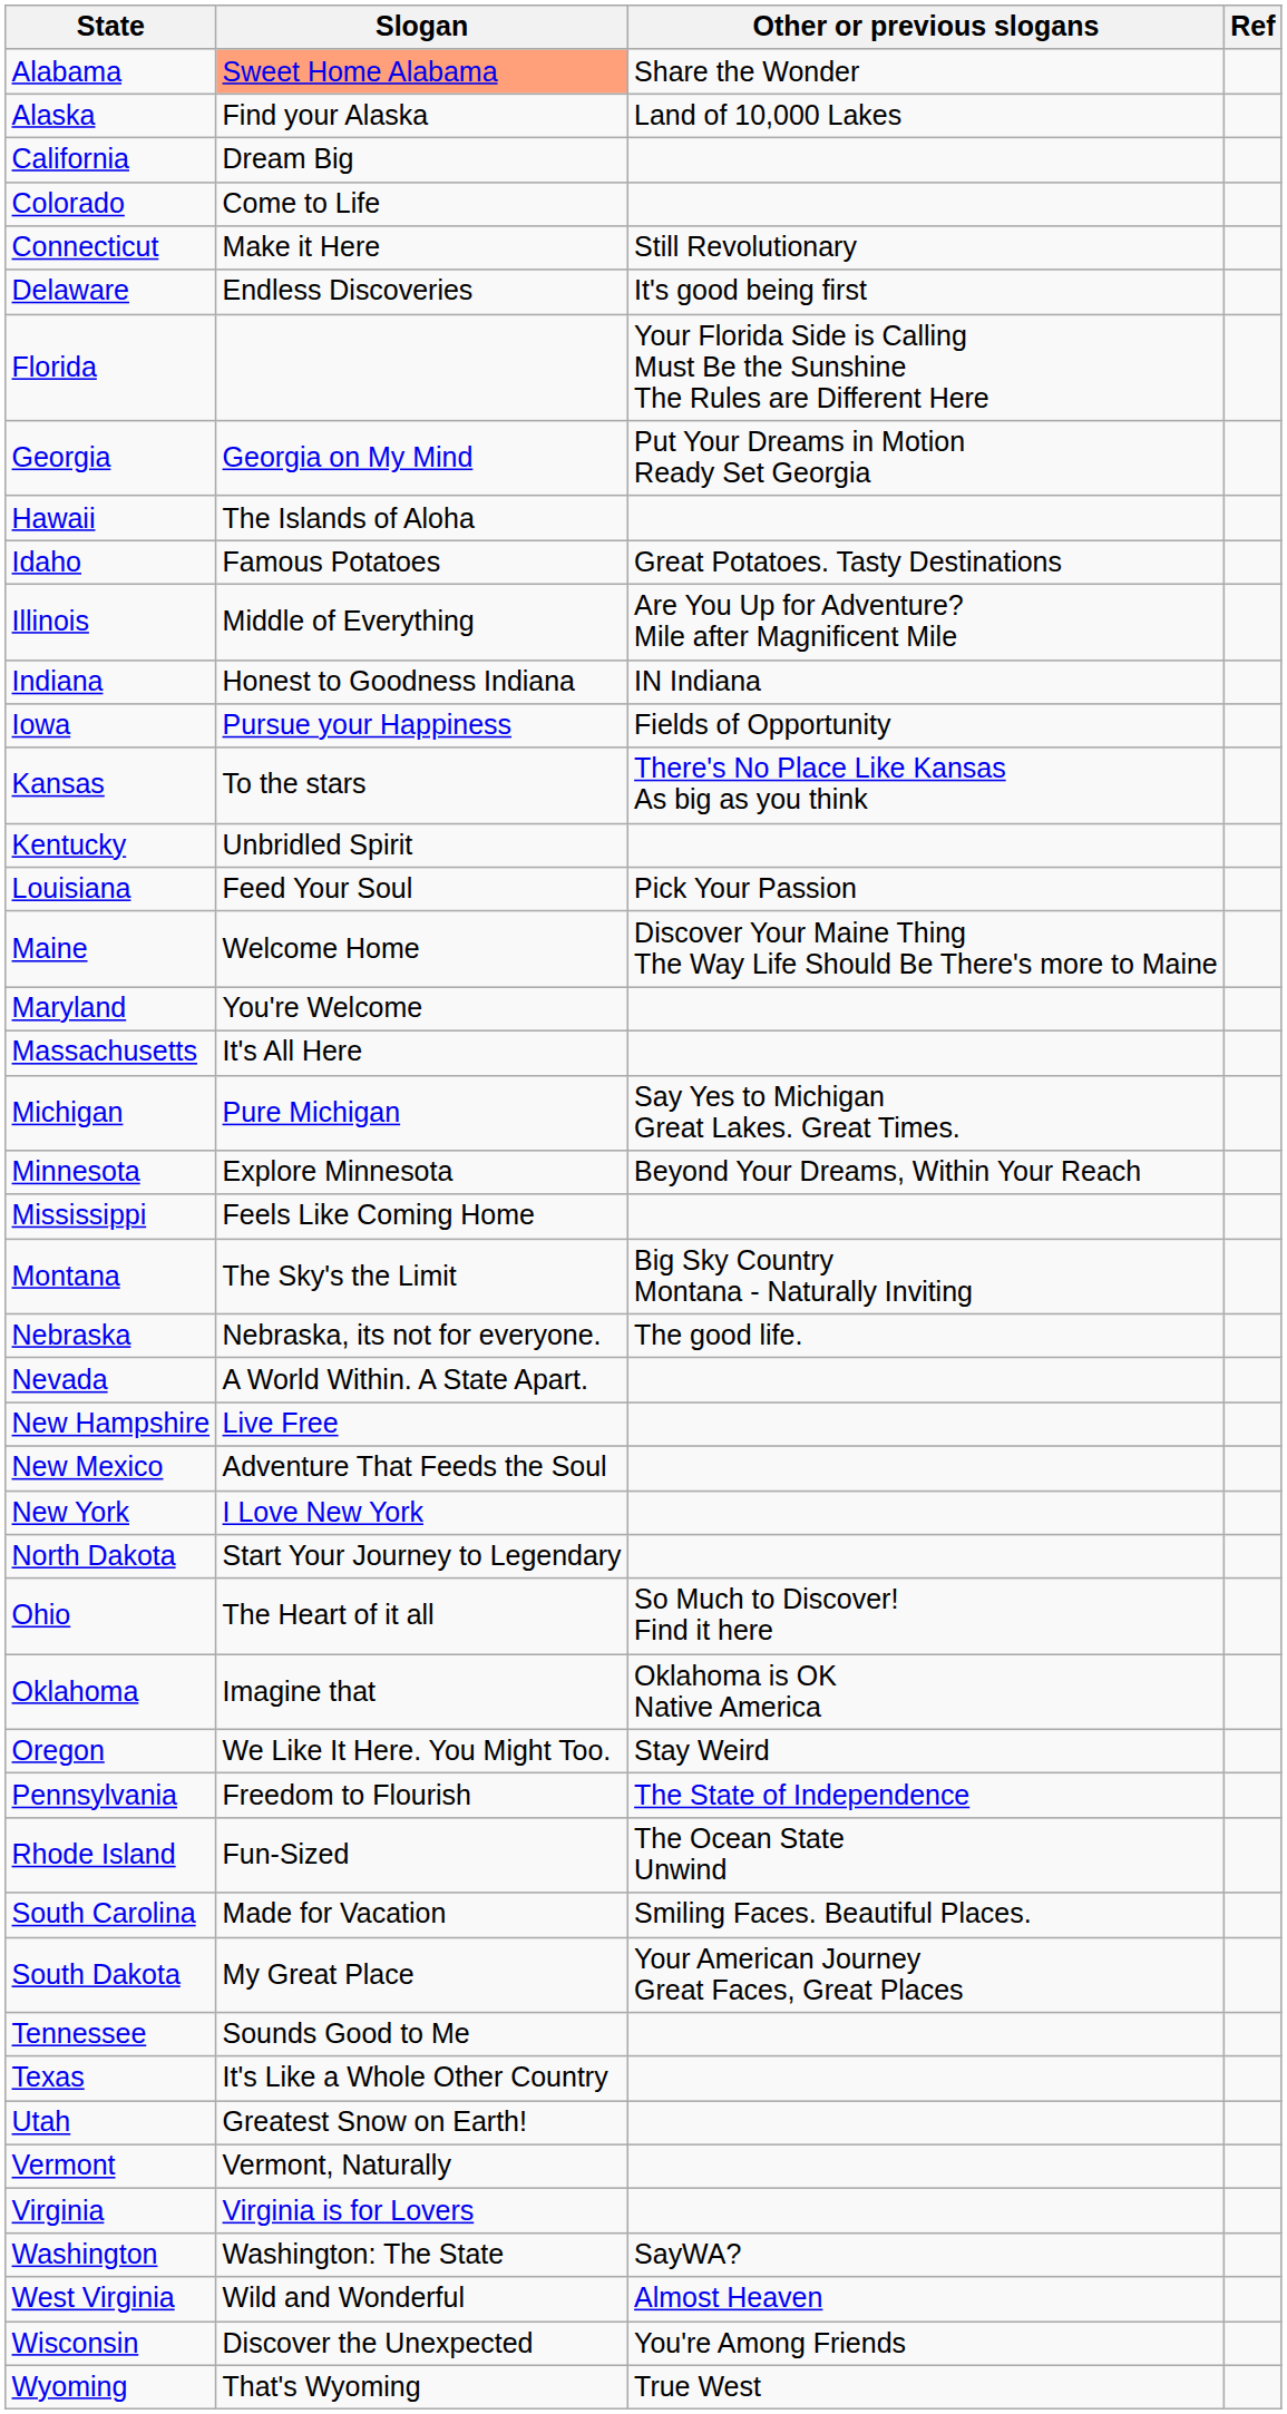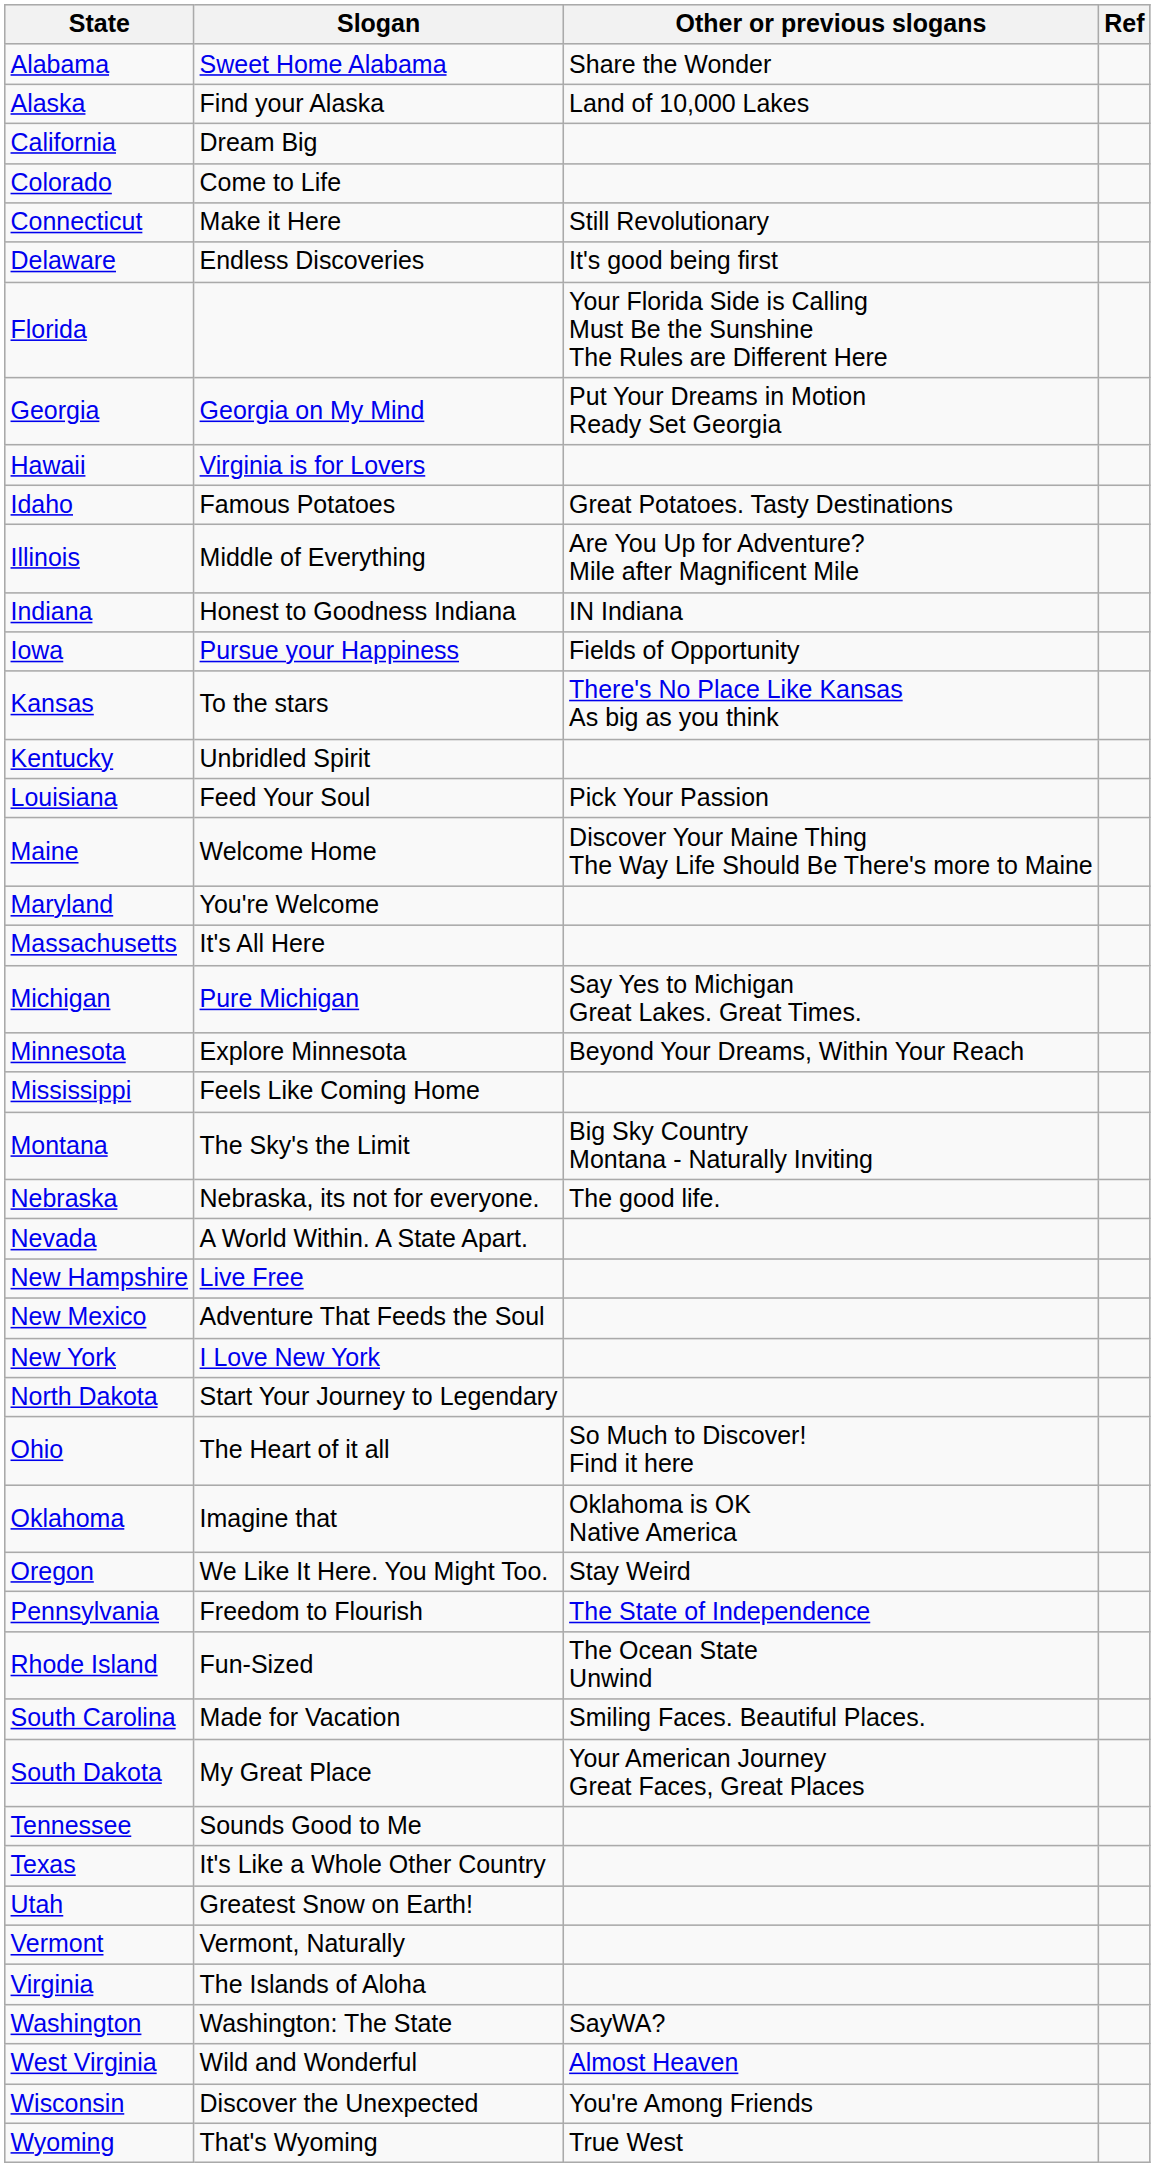 <table class="wikitable">
 <tr>
 <th>State</th>
 <th>Slogan</th>
 <th>Other or previous slogans</th>
 <th>Ref</th>
 </tr>
 <tr>
 <td> <a href='#'>Alabama</a></td>
-<td style="background: lightsalmon;"><a href='#'>Sweet Home Alabama</a></td>
+<td><a href='#'>Sweet Home Alabama</a></td>
 <td>Share the Wonder</td>
 <td></td>
 </tr>
 <tr>
 <td> <a href='#'>Alaska</a></td>
 <td>Find your Alaska</td>
 <td>Land of 10,000 Lakes</td>
 <td></td>
 </tr>
 <tr>
 <td> <a href='#'>California</a></td>
 <td>Dream Big</td>
 <td></td>
 <td></td>
 </tr>
 <tr>
 <td> <a href='#'>Colorado</a></td>
 <td>Come to Life</td>
 <td></td>
 <td></td>
 </tr>
 <tr>
 <td> <a href='#'>Connecticut</a></td>
 <td>Make it Here</td>
 <td>Still Revolutionary</td>
 <td></td>
 </tr>
 <tr>
 <td> <a href='#'>Delaware</a></td>
 <td>Endless Discoveries</td>
 <td>It's good being first</td>
 <td></td>
 </tr>
 <tr>
 <td> <a href='#'>Florida</a></td>
 <td></td>
 <td>Your Florida Side is Calling<br>Must Be the Sunshine<br>The Rules are Different Here</td>
 <td></td>
 </tr>
 <tr>
 <td> <a href='#'>Georgia</a></td>
 <td><a href='#'>Georgia on My Mind</a></td>
 <td>Put Your Dreams in Motion<br>Ready Set Georgia</td>
 <td></td>
 </tr>
 <tr>
 <td> <a href='#'>Hawaii</a></td>
-<td>The Islands of Aloha</td>
+<td><a href='#'>Virginia is for Lovers</a></td>
 <td></td>
 <td></td>
 </tr>
 <tr>
 <td> <a href='#'>Idaho</a></td>
 <td>Famous Potatoes</td>
 <td>Great Potatoes. Tasty Destinations</td>
 <td></td>
 </tr>
 <tr>
 <td> <a href='#'>Illinois</a></td>
 <td>Middle of Everything</td>
 <td>Are You Up for Adventure?<br>Mile after Magnificent Mile</td>
 <td></td>
 </tr>
 <tr>
 <td> <a href='#'>Indiana</a></td>
 <td>Honest to Goodness Indiana</td>
 <td>IN Indiana</td>
 <td></td>
 </tr>
 <tr>
 <td> <a href='#'>Iowa</a></td>
 <td><a href='#'>Pursue your Happiness</a></td>
 <td>Fields of Opportunity</td>
 <td></td>
 </tr>
 <tr>
 <td> <a href='#'>Kansas</a></td>
 <td>To the stars</td>
 <td><a href='#'>There's No Place Like Kansas</a><br>As big as you think</td>
 <td></td>
 </tr>
 <tr>
 <td> <a href='#'>Kentucky</a></td>
 <td>Unbridled Spirit</td>
 <td></td>
 <td></td>
 </tr>
 <tr>
 <td> <a href='#'>Louisiana</a></td>
 <td>Feed Your Soul</td>
 <td>Pick Your Passion</td>
 <td></td>
 </tr>
 <tr>
 <td> <a href='#'>Maine</a></td>
 <td>Welcome Home</td>
 <td>Discover Your Maine Thing<br>The Way Life Should Be There's more to Maine</td>
 <td></td>
 </tr>
 <tr>
 <td> <a href='#'>Maryland</a></td>
 <td>You're Welcome</td>
 <td></td>
 <td></td>
 </tr>
 <tr>
 <td> <a href='#'>Massachusetts</a></td>
 <td>It's All Here</td>
 <td></td>
 <td></td>
 </tr>
 <tr>
 <td> <a href='#'>Michigan</a></td>
 <td><a href='#'>Pure Michigan</a></td>
 <td>Say Yes to Michigan<br>Great Lakes. Great Times.</td>
 <td></td>
 </tr>
 <tr>
 <td> <a href='#'>Minnesota</a></td>
 <td>Explore Minnesota</td>
 <td>Beyond Your Dreams, Within Your Reach</td>
 <td></td>
 </tr>
 <tr>
 <td> <a href='#'>Mississippi</a></td>
 <td>Feels Like Coming Home</td>
 <td></td>
 <td></td>
 </tr>
 <tr>
 <td> <a href='#'>Montana</a></td>
 <td>The Sky's the Limit</td>
 <td>Big Sky Country<br>Montana - Naturally Inviting</td>
 <td></td>
 </tr>
 <tr>
 <td> <a href='#'>Nebraska</a></td>
 <td>Nebraska, its not for everyone.</td>
 <td>The good life.</td>
 <td></td>
 </tr>
 <tr>
 <td> <a href='#'>Nevada</a></td>
 <td>A World Within. A State Apart.</td>
 <td></td>
 <td></td>
 </tr>
 <tr>
 <td> <a href='#'>New Hampshire</a></td>
 <td><a href='#'>Live Free</a></td>
 <td></td>
 <td></td>
 </tr>
 <tr>
 <td> <a href='#'>New Mexico</a></td>
 <td>Adventure That Feeds the Soul</td>
 <td></td>
 <td></td>
 </tr>
 <tr>
 <td> <a href='#'>New York</a></td>
 <td><a href='#'>I Love New York</a></td>
 <td></td>
 <td></td>
 </tr>
 <tr>
 <td> <a href='#'>North Dakota</a></td>
 <td>Start Your Journey to Legendary</td>
 <td></td>
 <td></td>
 </tr>
 <tr>
 <td> <a href='#'>Ohio</a></td>
 <td>The Heart of it all</td>
 <td>So Much to Discover!<br>Find it here</td>
 <td></td>
 </tr>
 <tr>
 <td> <a href='#'>Oklahoma</a></td>
 <td>Imagine that</td>
 <td>Oklahoma is OK<br>Native America</td>
 <td></td>
 </tr>
 <tr>
 <td> <a href='#'>Oregon</a></td>
 <td>We Like It Here. You Might Too.</td>
 <td>Stay Weird</td>
 <td></td>
 </tr>
 <tr>
 <td> <a href='#'>Pennsylvania</a></td>
 <td>Freedom to Flourish</td>
 <td><a href='#'>The State of Independence</a></td>
 <td></td>
 </tr>
 <tr>
 <td> <a href='#'>Rhode Island</a></td>
 <td>Fun-Sized</td>
 <td>The Ocean State<br>Unwind</td>
 <td></td>
 </tr>
 <tr>
 <td> <a href='#'>South Carolina</a></td>
 <td>Made for Vacation</td>
 <td>Smiling Faces. Beautiful Places.</td>
 <td></td>
 </tr>
 <tr>
 <td> <a href='#'>South Dakota</a></td>
 <td>My Great Place</td>
 <td>Your American Journey<br>Great Faces, Great Places</td>
 <td></td>
 </tr>
 <tr>
 <td> <a href='#'>Tennessee</a></td>
 <td>Sounds Good to Me</td>
 <td></td>
 <td></td>
 </tr>
 <tr>
 <td> <a href='#'>Texas</a></td>
 <td>It's Like a Whole Other Country</td>
 <td></td>
 <td></td>
 </tr>
 <tr>
 <td> <a href='#'>Utah</a></td>
 <td>Greatest Snow on Earth!</td>
 <td></td>
 <td></td>
 </tr>
 <tr>
 <td> <a href='#'>Vermont</a></td>
 <td>Vermont, Naturally</td>
 <td></td>
 <td></td>
 </tr>
 <tr>
 <td> <a href='#'>Virginia</a></td>
-<td><a href='#'>Virginia is for Lovers</a></td>
+<td>The Islands of Aloha</td>
 <td></td>
 <td></td>
 </tr>
 <tr>
 <td> <a href='#'>Washington</a></td>
 <td>Washington: The State</td>
 <td>SayWA?</td>
 <td></td>
 </tr>
 <tr>
 <td> <a href='#'>West Virginia</a></td>
 <td>Wild and Wonderful</td>
 <td><a href='#'>Almost Heaven</a></td>
 <td></td>
 </tr>
 <tr>
 <td> <a href='#'>Wisconsin</a></td>
 <td>Discover the Unexpected</td>
 <td>You're Among Friends</td>
 <td></td>
 </tr>
 <tr>
 <td> <a href='#'>Wyoming</a></td>
 <td>That's Wyoming</td>
 <td>True West</td>
 <td></td>
 </tr>
 </table>
